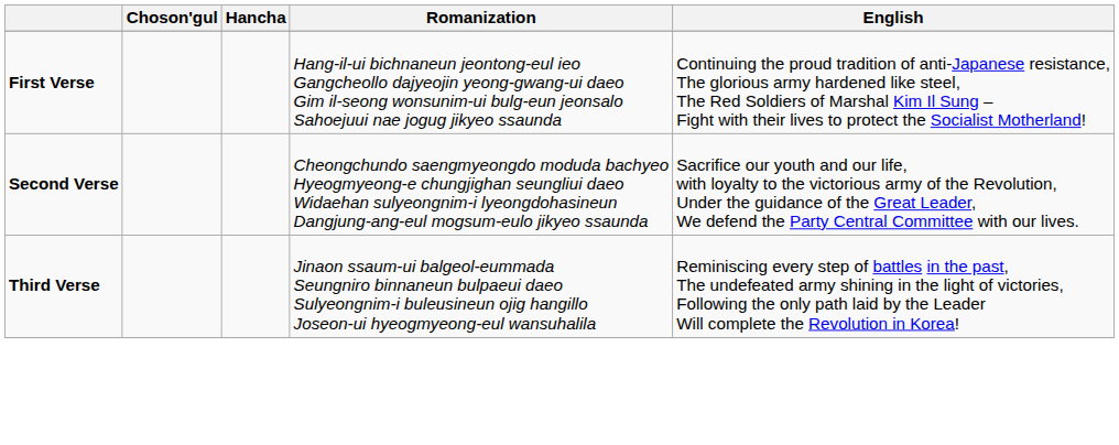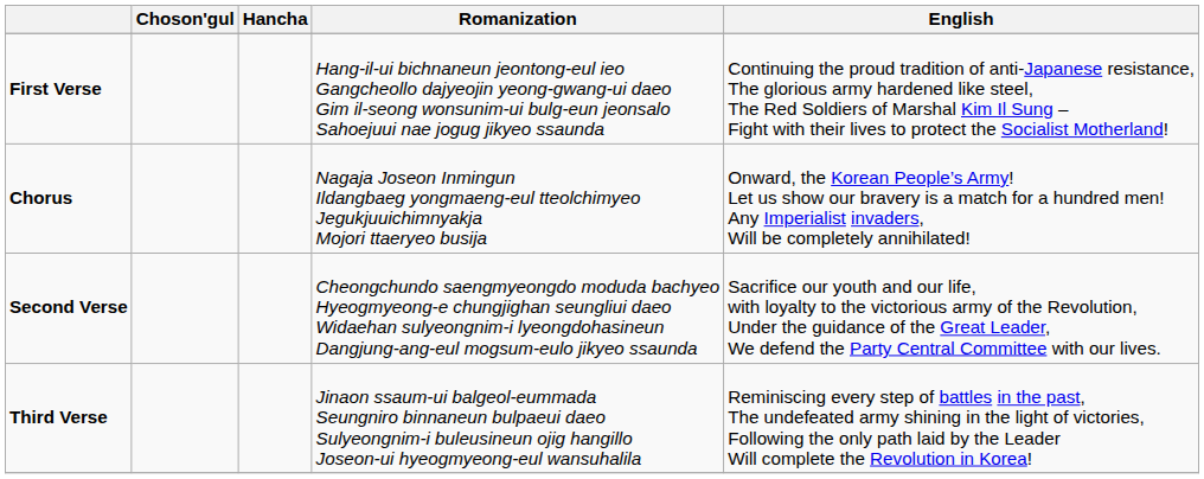 <table class="wikitable">
 <tr>
 <th> </th>
 <th>Choson'gul</th>
 <th>Hancha</th>
 <th>Romanization</th>
 <th>English</th>
 </tr>
 <tr style="vertical-align:top; white-space:nowrap;">
 </tr>
 <tr>
 <td><strong>First Verse</strong></td>
 <td></td>
 <td></td>
 <td><br><em>Hang-il-ui bichnaneun jeontong-eul ieo</em><br> <em>Gangcheollo dajyeojin yeong-gwang-ui daeo</em><br> <em>Gim il-seong wonsunim-ui bulg-eun jeonsalo</em><br> <em>Sahoejuui nae jogug jikyeo ssaunda</em><br></td>
 <td><br>Continuing the proud tradition of anti-<a href='#'>Japanese</a> resistance, <br> The glorious army hardened like steel, <br> The Red Soldiers of Marshal <a href='#'>Kim Il Sung</a> – <br> Fight with their lives to protect the <a href='#'>Socialist Motherland</a>! <br></td>
 </tr>
 <tr>
+<td><strong>Chorus</strong></td>
+<td></td>
+<td></td>
+<td><br><em>Nagaja Joseon Inmingun</em><br> <em>Ildangbaeg yongmaeng-eul tteolchimyeo</em><br>  <em>Jegukjuuichimnyakja</em><br> <em>Mojori ttaeryeo busija</em></td>
+<td><br>Onward, the <a href='#'>Korean People’s Army</a>! <br> Let us show our bravery is a match for a hundred men! <br> Any <a href='#'>Imperialist</a> <a href='#'>invaders</a>, <br> Will be completely annihilated! <br></td>
+</tr>
+<tr>
 <td><strong>Second Verse</strong></td>
 <td></td>
 <td></td>
 <td><br><em>Cheongchundo saengmyeongdo moduda bachyeo</em><br> <em>Hyeogmyeong-e chungjighan seungliui daeo</em><br> <em>Widaehan sulyeongnim-i lyeongdohasineun</em><br> <em>Dangjung-ang-eul mogsum-eulo jikyeo ssaunda</em></td>
 <td><br>Sacrifice our youth and our life,<br> with loyalty to the victorious army of the Revolution,<br> Under the guidance of the <a href='#'>Great Leader</a>,<br> We defend the <a href='#'>Party Central Committee</a> with our lives.</td>
 </tr>
 <tr>
 <td><strong>Third Verse</strong></td>
 <td></td>
 <td></td>
 <td><br><em>Jinaon ssaum-ui balgeol-eummada</em><br> <em>Seungniro binnaneun bulpaeui daeo</em><br>  <em>Sulyeongnim-i buleusineun ojig hangillo</em><br>  <em>Joseon-ui hyeogmyeong-eul wansuhalila</em></td>
 <td><br>Reminiscing every step of <a href='#'>battles</a> <a href='#'>in the past</a>,<br>  The undefeated army shining in the light of victories,<br>  Following the only path laid by the Leader<br>  Will complete the <a href='#'>Revolution in Korea</a>!</td>
 </tr>
 <tr>
 </tr>
 </table>
